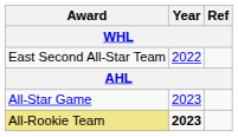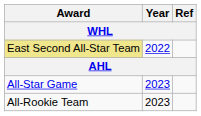 <table class="wikitable">
 <tr>
 <th>Award</th>
 <th>Year</th>
 <th>Ref</th>
 </tr>
 <tr>
 <th colspan="3"><a href='#'>WHL</a></th>
 </tr>
 <tr>
-<td>East Second All-Star Team</td>
+<td style="background: khaki;">East Second All-Star Team</td>
 <td><a href='#'>2022</a></td>
 <td></td>
 </tr>
 <tr>
 <th colspan="3"><a href='#'>AHL</a></th>
 </tr>
 <tr>
 <td><a href='#'>All-Star Game</a></td>
 <td><a href='#'>2023</a></td>
 <td></td>
 </tr>
 <tr>
-<td style="background: khaki;">All-Rookie Team</td>
-<td><strong>2023</strong></td>
+<td>All-Rookie Team</td>
+<td>2023</td>
 <td></td>
 </tr>
 </table>
